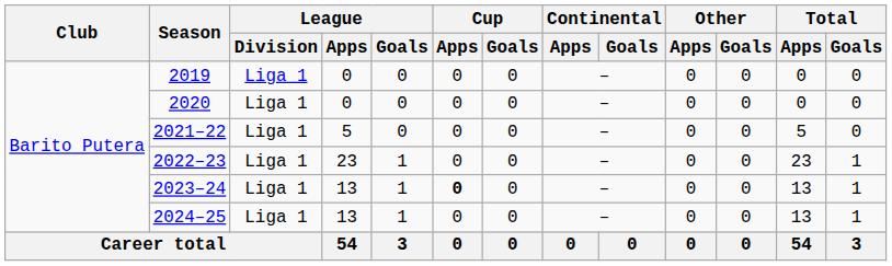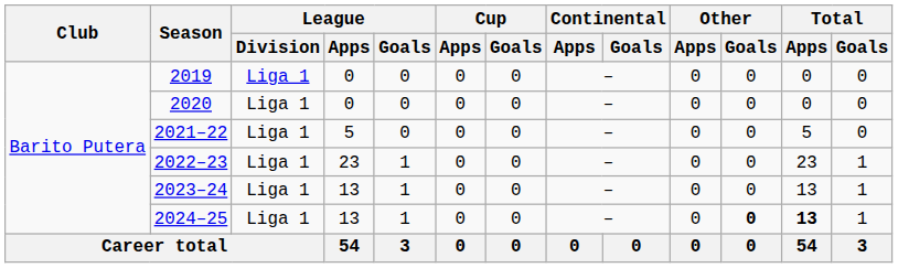 <table class="wikitable" style="text-align: center">
 <tr>
 <th rowspan="2">Club</th>
 <th rowspan="2">Season</th>
 <th colspan="3">League</th>
 <th colspan="2">Cup</th>
 <th colspan="2">Continental</th>
 <th colspan="2">Other</th>
 <th colspan="2">Total</th>
 </tr>
 <tr>
 <th>Division</th>
 <th>Apps</th>
 <th>Goals</th>
 <th>Apps</th>
 <th>Goals</th>
 <th>Apps</th>
 <th>Goals</th>
 <th>Apps</th>
 <th>Goals</th>
 <th>Apps</th>
 <th>Goals</th>
 </tr>
 <tr>
 <td rowspan="6"><a href='#'>Barito Putera</a></td>
 <td><a href='#'>2019</a></td>
 <td rowspan="1" valign="center"><a href='#'>Liga 1</a></td>
 <td>0</td>
 <td>0</td>
 <td>0</td>
 <td>0</td>
 <td colspan="2">–</td>
 <td>0</td>
 <td>0</td>
 <td>0</td>
 <td>0</td>
 </tr>
 <tr>
 <td><a href='#'>2020</a></td>
 <td rowspan="1" valign="center">Liga 1</td>
 <td>0</td>
 <td>0</td>
 <td>0</td>
 <td>0</td>
 <td colspan="2">–</td>
 <td>0</td>
 <td>0</td>
 <td>0</td>
 <td>0</td>
 </tr>
 <tr>
 <td><a href='#'>2021–22</a></td>
 <td rowspan="1" valign="center">Liga 1</td>
 <td>5</td>
 <td>0</td>
 <td>0</td>
 <td>0</td>
 <td colspan="2">–</td>
 <td>0</td>
 <td>0</td>
 <td>5</td>
 <td>0</td>
 </tr>
 <tr>
 <td><a href='#'>2022–23</a></td>
 <td rowspan="1" valign="center">Liga 1</td>
 <td>23</td>
 <td>1</td>
 <td>0</td>
 <td>0</td>
 <td colspan=2>–</td>
 <td>0</td>
 <td>0</td>
 <td>23</td>
 <td>1</td>
 </tr>
 <tr>
 <td><a href='#'>2023–24</a></td>
 <td>Liga 1</td>
 <td>13</td>
 <td>1</td>
-<td><strong>0</strong></td>
+<td>0</td>
 <td>0</td>
 <td colspan="2">–</td>
 <td>0</td>
 <td>0</td>
 <td>13</td>
 <td>1</td>
 </tr>
 <tr>
 <td><a href='#'>2024–25</a></td>
 <td>Liga 1</td>
 <td>13</td>
 <td>1</td>
 <td>0</td>
 <td>0</td>
 <td colspan="2">–</td>
 <td>0</td>
-<td>0</td>
-<td>13</td>
+<td><strong>0</strong></td>
+<td><strong>13</strong></td>
 <td>1</td>
 </tr>
 <tr>
 <th colspan=3>Career total</th>
 <th>54</th>
 <th>3</th>
 <th>0</th>
 <th>0</th>
 <th>0</th>
 <th>0</th>
 <th>0</th>
 <th>0</th>
 <th>54</th>
 <th>3</th>
 </tr>
 </table>
